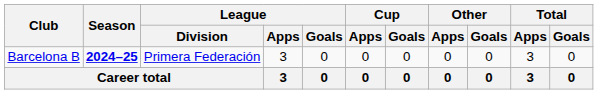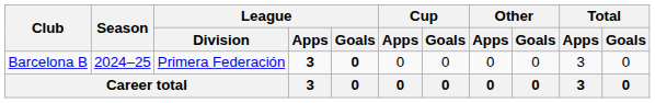 <table class=wikitable style=text-align:center>
 <tr>
 <th rowspan="2">Club</th>
 <th rowspan="2">Season</th>
 <th colspan="3">League</th>
 <th colspan="2">Cup</th>
 <th colspan="2">Other</th>
 <th colspan="2">Total</th>
 </tr>
 <tr>
 <th>Division</th>
 <th>Apps</th>
 <th>Goals</th>
 <th>Apps</th>
 <th>Goals</th>
 <th>Apps</th>
 <th>Goals</th>
 <th>Apps</th>
 <th>Goals</th>
 </tr>
 <tr>
 <td><a href='#'>Barcelona B</a></td>
-<td><strong><a href='#'>2024–25</a></strong></td>
+<td><a href='#'>2024–25</a></td>
 <td><a href='#'>Primera Federación</a></td>
-<td>3</td>
-<td>0</td>
+<td><strong>3</strong></td>
+<td><strong>0</strong></td>
 <td>0</td>
 <td>0</td>
 <td>0</td>
 <td>0</td>
 <td>3</td>
 <td>0</td>
 </tr>
 <tr>
 <th colspan="3"><strong>Career total</strong></th>
 <th>3</th>
 <th>0</th>
 <th>0</th>
 <th>0</th>
 <th>0</th>
 <th>0</th>
 <th>3</th>
 <th>0</th>
 </tr>
 </table>
